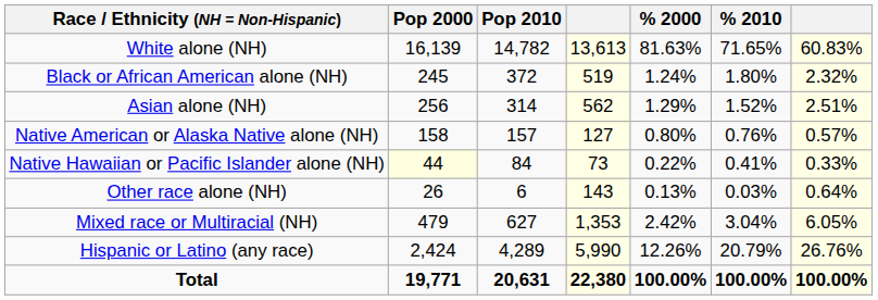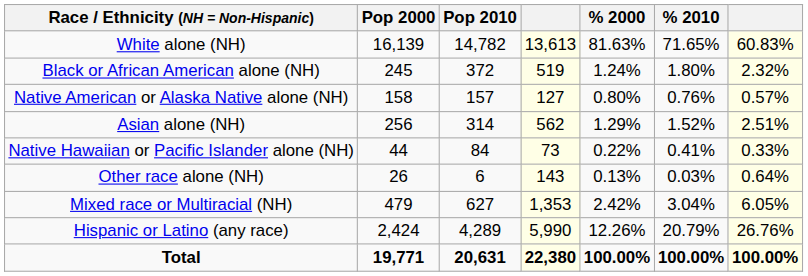 <table class="wikitable" style="text-align:center;">
 <tr>
 <th>Race / Ethnicity <small>(<em>NH = Non-Hispanic</em>)</small></th>
 <th>Pop 2000</th>
 <th>Pop 2010</th>
 <th></th>
 <th>% 2000</th>
 <th>% 2010</th>
 <th></th>
 </tr>
 <tr>
 <td><a href='#'>White</a> alone (NH)</td>
 <td>16,139</td>
 <td>14,782</td>
 <td style='background: #ffffe6;'>13,613</td>
 <td>81.63%</td>
 <td>71.65%</td>
 <td style='background: #ffffe6;'>60.83%</td>
 </tr>
 <tr>
 <td><a href='#'>Black or African American</a> alone (NH)</td>
 <td>245</td>
 <td>372</td>
 <td style='background: #ffffe6;'>519</td>
 <td>1.24%</td>
 <td>1.80%</td>
 <td style='background: #ffffe6;'>2.32%</td>
 </tr>
 <tr>
+<td><a href='#'>Native American</a> or <a href='#'>Alaska Native</a> alone (NH)</td>
+<td>158</td>
+<td>157</td>
+<td style='background: #ffffe6;'>127</td>
+<td>0.80%</td>
+<td>0.76%</td>
+<td style='background: #ffffe6;'>0.57%</td>
+</tr>
+<tr>
 <td><a href='#'>Asian</a> alone (NH)</td>
 <td>256</td>
 <td>314</td>
 <td style='background: #ffffe6;'>562</td>
 <td>1.29%</td>
 <td>1.52%</td>
 <td style='background: #ffffe6;'>2.51%</td>
 </tr>
 <tr>
-<td><a href='#'>Native American</a> or <a href='#'>Alaska Native</a> alone (NH)</td>
-<td>158</td>
-<td>157</td>
-<td style='background: #ffffe6;'>127</td>
-<td>0.80%</td>
-<td>0.76%</td>
-<td style='background: #ffffe6;'>0.57%</td>
-</tr>
-<tr>
 <td><a href='#'>Native Hawaiian</a> or <a href='#'>Pacific Islander</a> alone (NH)</td>
-<td style="background: lightyellow;">44</td>
+<td>44</td>
 <td>84</td>
 <td style='background: #ffffe6;'>73</td>
 <td>0.22%</td>
 <td>0.41%</td>
 <td style='background: #ffffe6;'>0.33%</td>
 </tr>
 <tr>
 <td><a href='#'>Other race</a> alone (NH)</td>
 <td>26</td>
 <td>6</td>
 <td style='background: #ffffe6;'>143</td>
 <td>0.13%</td>
 <td>0.03%</td>
 <td style='background: #ffffe6;'>0.64%</td>
 </tr>
 <tr>
 <td><a href='#'>Mixed race or Multiracial</a> (NH)</td>
 <td>479</td>
 <td>627</td>
 <td style='background: #ffffe6;'>1,353</td>
 <td>2.42%</td>
 <td>3.04%</td>
 <td style='background: #ffffe6;'>6.05%</td>
 </tr>
 <tr>
 <td><a href='#'>Hispanic or Latino</a> (any race)</td>
 <td>2,424</td>
 <td>4,289</td>
 <td style='background: #ffffe6;'>5,990</td>
 <td>12.26%</td>
 <td>20.79%</td>
 <td style='background: #ffffe6;'>26.76%</td>
 </tr>
 <tr>
 <td><strong>Total</strong></td>
 <td><strong>19,771</strong></td>
 <td><strong>20,631</strong></td>
 <td style='background: #ffffe6;'><strong>22,380</strong></td>
 <td><strong>100.00%</strong></td>
 <td><strong>100.00%</strong></td>
 <td style='background: #ffffe6;'><strong>100.00%</strong></td>
 </tr>
 </table>
